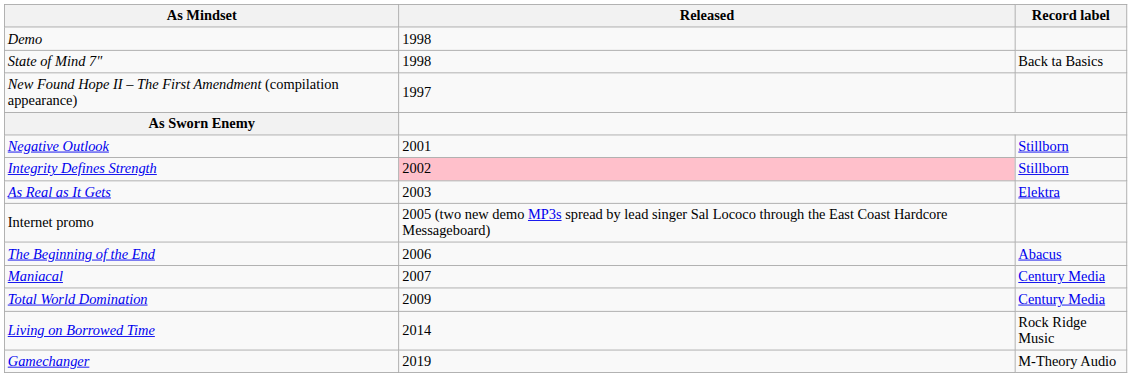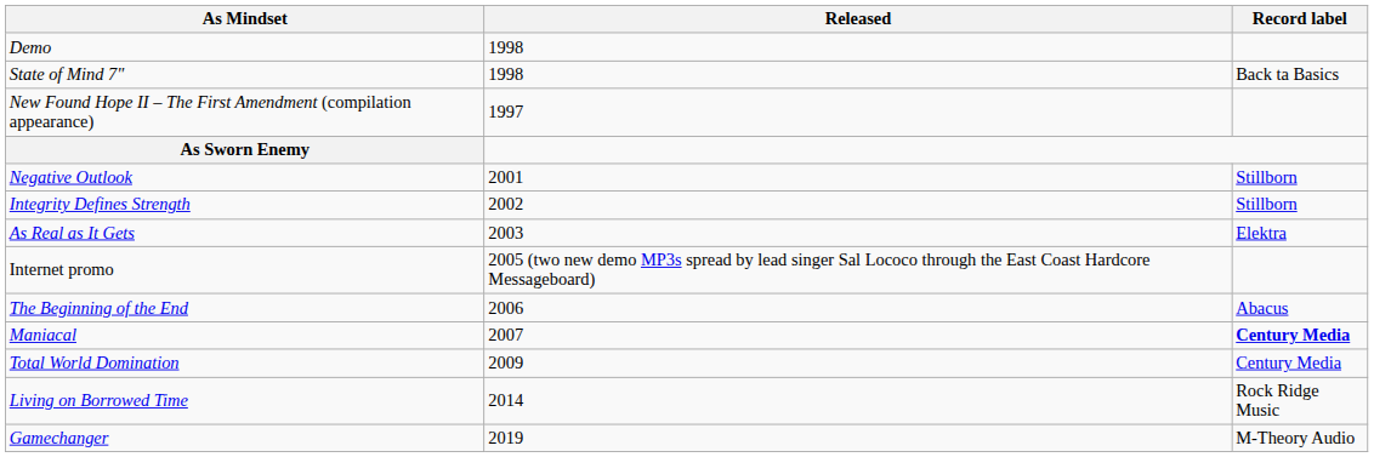 <table class="wikitable">
 <tr>
 <th><strong>As Mindset</strong></th>
 <th>Released</th>
 <th>Record label</th>
 </tr>
 <tr>
 <td><em>Demo</em></td>
 <td>1998</td>
 <td></td>
 </tr>
 <tr>
 <td><em>State of Mind 7"</em></td>
 <td>1998</td>
 <td>Back ta Basics</td>
 </tr>
 <tr>
 <td><em>New Found Hope II – The First Amendment</em> (compilation appearance)</td>
 <td>1997</td>
 <td></td>
 </tr>
 <tr>
 <th style="text-align:center;"><strong>As Sworn Enemy</strong></th>
 </tr>
 <tr>
 <td><em><a href='#'>Negative Outlook</a></em></td>
 <td>2001</td>
 <td><a href='#'>Stillborn</a></td>
 </tr>
 <tr>
 <td><em><a href='#'>Integrity Defines Strength</a></em></td>
-<td style="background: pink;">2002</td>
+<td>2002</td>
 <td><a href='#'>Stillborn</a></td>
 </tr>
 <tr>
 <td><em><a href='#'>As Real as It Gets</a></em></td>
 <td>2003</td>
 <td><a href='#'>Elektra</a></td>
 </tr>
 <tr>
 <td>Internet promo</td>
 <td>2005 (two new demo <a href='#'>MP3s</a> spread by lead singer Sal Lococo through the East Coast Hardcore Messageboard)</td>
 </tr>
 <tr>
 <td><em><a href='#'>The Beginning of the End</a></em></td>
 <td>2006</td>
 <td><a href='#'>Abacus</a></td>
 </tr>
 <tr>
 <td><em><a href='#'>Maniacal</a></em></td>
 <td>2007</td>
-<td><a href='#'>Century Media</a></td>
+<td><strong><a href='#'>Century Media</a></strong></td>
 </tr>
 <tr>
 <td><em><a href='#'>Total World Domination</a></em></td>
 <td>2009</td>
 <td><a href='#'>Century Media</a></td>
 </tr>
 <tr>
 <td><em><a href='#'>Living on Borrowed Time</a></em></td>
 <td>2014</td>
 <td>Rock Ridge Music</td>
 </tr>
 <tr>
 <td><em><a href='#'>Gamechanger</a></em></td>
 <td>2019</td>
 <td>M-Theory Audio</td>
 </tr>
 </table>
